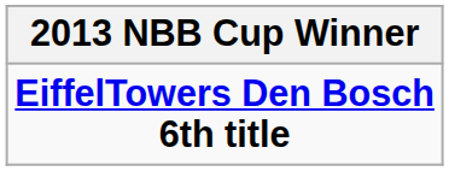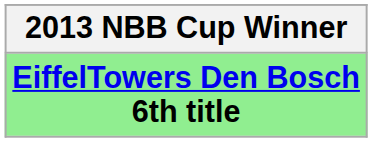 <table class=wikitable style="text-align:center; margin:auto">
 <tr>
 <th>2013 NBB Cup Winner</th>
 </tr>
 <tr>
-<td><strong><a href='#'>EiffelTowers Den Bosch</a></strong> <br> <strong>6th title</strong></td>
+<td style="background: lightgreen;"><strong><a href='#'>EiffelTowers Den Bosch</a></strong> <br> <strong>6th title</strong></td>
 </tr>
 </table>
